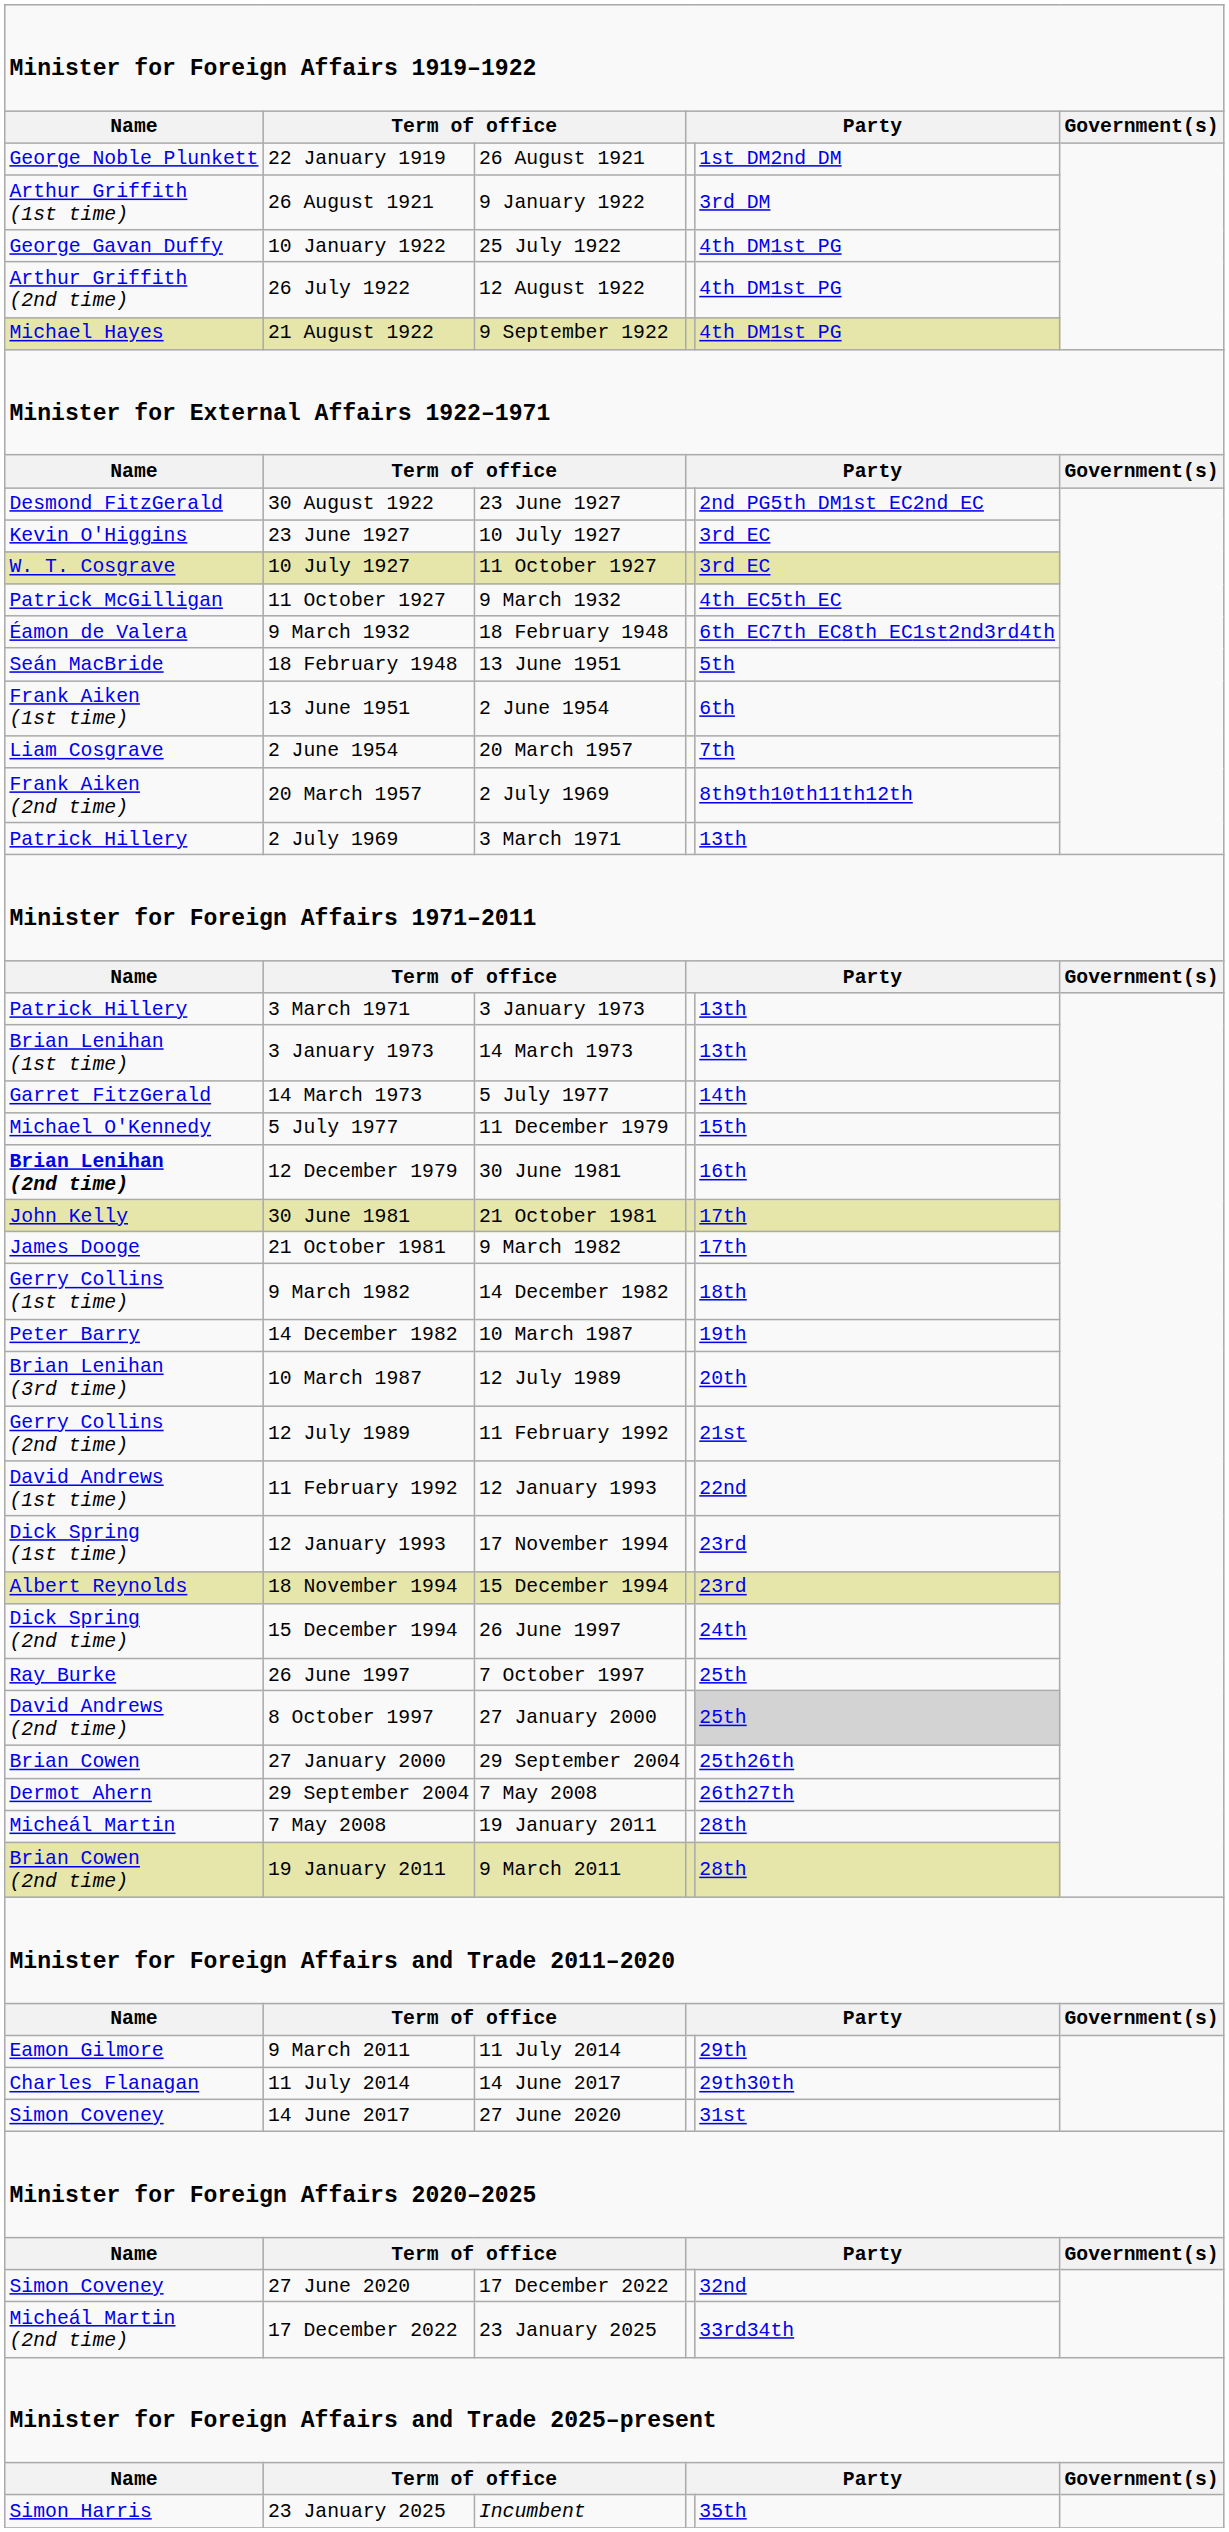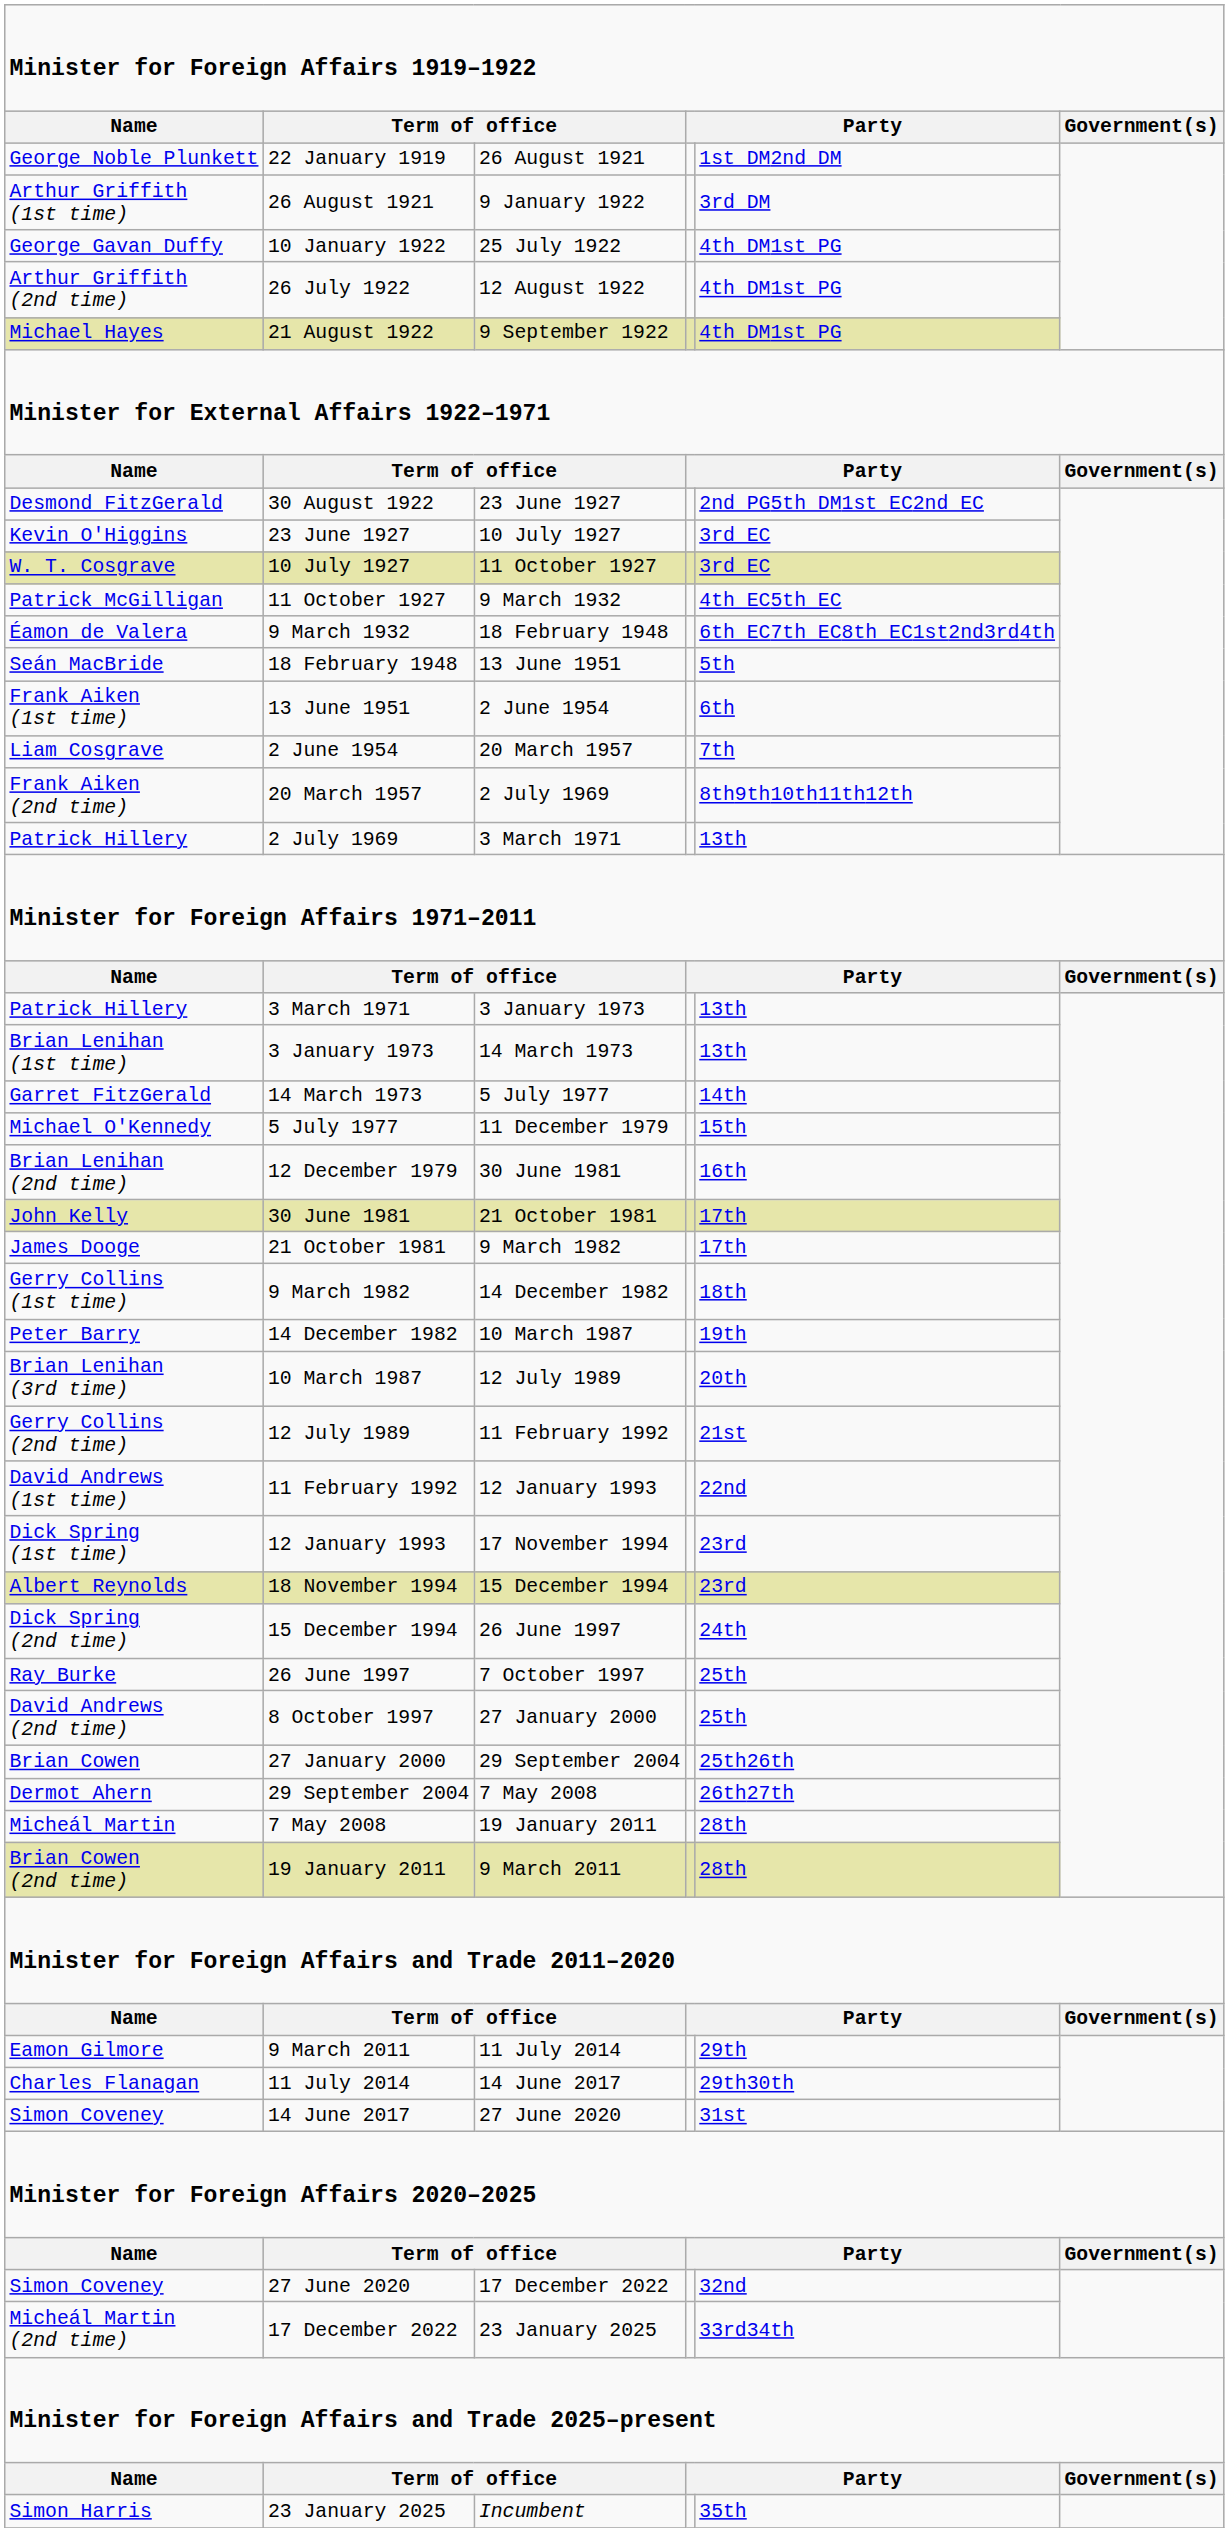 <table class ="wikitable">
 <tr>
 <td colspan="8"><br><h3>Minister for Foreign Affairs 1919–1922</h3></td>
 </tr>
 <tr>
 <th>Name</th>
 <th colspan="2">Term of office</th>
 <th colspan="2">Party</th>
 <th>Government(s)</th>
 </tr>
 <tr>
 <td><a href='#'>George Noble Plunkett</a></td>
 <td>22 January 1919</td>
 <td>26 August 1921</td>
 <td></td>
 <td><a href='#'>1st DM</a><a href='#'>2nd DM</a></td>
 </tr>
 <tr>
 <td><a href='#'>Arthur Griffith</a><br><em>(1st time)</em></td>
 <td>26 August 1921</td>
 <td>9 January 1922</td>
 <td></td>
 <td><a href='#'>3rd DM</a></td>
 </tr>
 <tr>
 <td><a href='#'>George Gavan Duffy</a></td>
 <td>10 January 1922</td>
 <td>25 July 1922</td>
 <td></td>
 <td><a href='#'>4th DM</a><a href='#'>1st PG</a></td>
 </tr>
 <tr>
 <td><a href='#'>Arthur Griffith</a><br><em>(2nd time)</em></td>
 <td>26 July 1922</td>
 <td>12 August 1922</td>
 <td></td>
 <td><a href='#'>4th DM</a><a href='#'>1st PG</a></td>
 </tr>
 <tr bgcolor=#E6E6AA>
 <td><a href='#'>Michael Hayes</a> </td>
 <td>21 August 1922</td>
 <td>9 September 1922</td>
 <td></td>
 <td><a href='#'>4th DM</a><a href='#'>1st PG</a></td>
 </tr>
 <tr>
 <td colspan="8"><br><h3>Minister for External Affairs 1922–1971</h3></td>
 </tr>
 <tr>
 <th>Name</th>
 <th colspan="2">Term of office</th>
 <th colspan="2">Party</th>
 <th>Government(s)</th>
 </tr>
 <tr>
 <td><a href='#'>Desmond FitzGerald</a></td>
 <td>30 August 1922</td>
 <td>23 June 1927</td>
 <td></td>
 <td><a href='#'>2nd PG</a><a href='#'>5th DM</a><a href='#'>1st EC</a><a href='#'>2nd EC</a></td>
 </tr>
 <tr>
 <td><a href='#'>Kevin O'Higgins</a></td>
 <td>23 June 1927</td>
 <td>10 July 1927</td>
 <td></td>
 <td><a href='#'>3rd EC</a></td>
 </tr>
 <tr bgcolor=#E6E6AA>
 <td><a href='#'>W. T. Cosgrave</a> </td>
 <td>10 July 1927</td>
 <td>11 October 1927</td>
 <td></td>
 <td><a href='#'>3rd EC</a></td>
 </tr>
 <tr>
 <td><a href='#'>Patrick McGilligan</a></td>
 <td>11 October 1927</td>
 <td>9 March 1932</td>
 <td></td>
 <td><a href='#'>4th EC</a><a href='#'>5th EC</a></td>
 </tr>
 <tr>
 <td><a href='#'>Éamon de Valera</a></td>
 <td>9 March 1932</td>
 <td>18 February 1948</td>
 <td></td>
 <td><a href='#'>6th EC</a><a href='#'>7th EC</a><a href='#'>8th EC</a><a href='#'>1st</a><a href='#'>2nd</a><a href='#'>3rd</a><a href='#'>4th</a></td>
 </tr>
 <tr>
 <td><a href='#'>Seán MacBride</a></td>
 <td>18 February 1948</td>
 <td>13 June 1951</td>
 <td></td>
 <td><a href='#'>5th</a></td>
 </tr>
 <tr>
 <td><a href='#'>Frank Aiken</a><br><em>(1st time)</em></td>
 <td>13 June 1951</td>
 <td>2 June 1954</td>
 <td></td>
 <td><a href='#'>6th</a></td>
 </tr>
 <tr>
 <td><a href='#'>Liam Cosgrave</a></td>
 <td>2 June 1954</td>
 <td>20 March 1957</td>
 <td></td>
 <td><a href='#'>7th</a></td>
 </tr>
 <tr>
 <td><a href='#'>Frank Aiken</a><br><em>(2nd time)</em></td>
 <td>20 March 1957</td>
 <td>2 July 1969</td>
 <td></td>
 <td><a href='#'>8th</a><a href='#'>9th</a><a href='#'>10th</a><a href='#'>11th</a><a href='#'>12th</a></td>
 </tr>
 <tr>
 <td><a href='#'>Patrick Hillery</a></td>
 <td>2 July 1969</td>
 <td>3 March 1971</td>
 <td></td>
 <td><a href='#'>13th</a></td>
 </tr>
 <tr>
 <td colspan="8"><br><h3>Minister for Foreign Affairs 1971–2011</h3></td>
 </tr>
 <tr>
 <th>Name</th>
 <th colspan="2">Term of office</th>
 <th colspan="2">Party</th>
 <th>Government(s)</th>
 </tr>
 <tr>
 <td><a href='#'>Patrick Hillery</a></td>
 <td>3 March 1971</td>
 <td>3 January 1973</td>
 <td></td>
 <td><a href='#'>13th</a></td>
 </tr>
 <tr>
 <td><a href='#'>Brian Lenihan</a><br><em>(1st time)</em></td>
 <td>3 January 1973</td>
 <td>14 March 1973</td>
 <td></td>
 <td><a href='#'>13th</a></td>
 </tr>
 <tr>
 <td><a href='#'>Garret FitzGerald</a></td>
 <td>14 March 1973</td>
 <td>5 July 1977</td>
 <td></td>
 <td><a href='#'>14th</a></td>
 </tr>
 <tr>
 <td><a href='#'>Michael O'Kennedy</a></td>
 <td>5 July 1977</td>
 <td>11 December 1979</td>
 <td></td>
 <td><a href='#'>15th</a></td>
 </tr>
 <tr>
-<td><strong><a href='#'>Brian Lenihan</a><br><em>(2nd time)</em></strong></td>
+<td><a href='#'>Brian Lenihan</a><br><em>(2nd time)</em></td>
 <td>12 December 1979</td>
 <td>30 June 1981</td>
 <td></td>
 <td><a href='#'>16th</a></td>
 </tr>
 <tr bgcolor=#E6E6AA>
 <td><a href='#'>John Kelly</a>  </td>
 <td>30 June 1981</td>
 <td>21 October 1981</td>
 <td></td>
 <td><a href='#'>17th</a></td>
 </tr>
 <tr>
 <td><a href='#'>James Dooge</a></td>
 <td>21 October 1981</td>
 <td>9 March 1982</td>
 <td></td>
 <td><a href='#'>17th</a></td>
 </tr>
 <tr>
 <td><a href='#'>Gerry Collins</a><br><em>(1st time)</em></td>
 <td>9 March 1982</td>
 <td>14 December 1982</td>
 <td></td>
 <td><a href='#'>18th</a></td>
 </tr>
 <tr>
 <td><a href='#'>Peter Barry</a></td>
 <td>14 December 1982</td>
 <td>10 March 1987</td>
 <td></td>
 <td><a href='#'>19th</a></td>
 </tr>
 <tr>
 <td><a href='#'>Brian Lenihan</a><br><em>(3rd time)</em></td>
 <td>10 March 1987</td>
 <td>12 July 1989</td>
 <td></td>
 <td><a href='#'>20th</a></td>
 </tr>
 <tr>
 <td><a href='#'>Gerry Collins</a><br><em>(2nd time)</em></td>
 <td>12 July 1989</td>
 <td>11 February 1992</td>
 <td></td>
 <td><a href='#'>21st</a></td>
 </tr>
 <tr>
 <td><a href='#'>David Andrews</a><br><em>(1st time)</em></td>
 <td>11 February 1992</td>
 <td>12 January 1993</td>
 <td></td>
 <td><a href='#'>22nd</a></td>
 </tr>
 <tr>
 <td><a href='#'>Dick Spring</a><br><em>(1st time)</em></td>
 <td>12 January 1993</td>
 <td>17 November 1994</td>
 <td></td>
 <td><a href='#'>23rd</a></td>
 </tr>
 <tr bgcolor=#E6E6AA>
 <td><a href='#'>Albert Reynolds</a> </td>
 <td>18 November 1994</td>
 <td>15 December 1994</td>
 <td></td>
 <td><a href='#'>23rd</a></td>
 </tr>
 <tr>
 <td><a href='#'>Dick Spring</a><br><em>(2nd time)</em></td>
 <td>15 December 1994</td>
 <td>26 June 1997</td>
 <td></td>
 <td><a href='#'>24th</a></td>
 </tr>
 <tr>
 <td><a href='#'>Ray Burke</a></td>
 <td>26 June 1997</td>
 <td>7 October 1997</td>
 <td></td>
 <td><a href='#'>25th</a></td>
 </tr>
 <tr>
 <td><a href='#'>David Andrews</a><br><em>(2nd time)</em></td>
 <td>8 October 1997</td>
 <td>27 January 2000</td>
 <td></td>
-<td style="background: lightgrey;"><a href='#'>25th</a></td>
+<td><a href='#'>25th</a></td>
 </tr>
 <tr>
 <td><a href='#'>Brian Cowen</a></td>
 <td>27 January 2000</td>
 <td>29 September 2004</td>
 <td></td>
 <td><a href='#'>25th</a><a href='#'>26th</a></td>
 </tr>
 <tr>
 <td><a href='#'>Dermot Ahern</a></td>
 <td>29 September 2004</td>
 <td>7 May 2008</td>
 <td></td>
 <td><a href='#'>26th</a><a href='#'>27th</a></td>
 </tr>
 <tr>
 <td><a href='#'>Micheál Martin</a></td>
 <td>7 May 2008</td>
 <td>19 January 2011</td>
 <td></td>
 <td><a href='#'>28th</a></td>
 </tr>
 <tr bgcolor=#E6E6AA>
 <td><a href='#'>Brian Cowen</a><br><em>(2nd time)</em></td>
 <td>19 January 2011</td>
 <td>9 March 2011</td>
 <td></td>
 <td><a href='#'>28th</a></td>
 </tr>
 <tr>
 <td colspan="8"><br><h3>Minister for Foreign Affairs and Trade 2011–2020</h3></td>
 </tr>
 <tr>
 <th>Name</th>
 <th colspan="2">Term of office</th>
 <th colspan="2">Party</th>
 <th>Government(s)</th>
 </tr>
 <tr>
 <td><a href='#'>Eamon Gilmore</a></td>
 <td>9 March 2011</td>
 <td>11 July 2014</td>
 <td></td>
 <td><a href='#'>29th</a></td>
 </tr>
 <tr>
 <td><a href='#'>Charles Flanagan</a></td>
 <td>11 July 2014</td>
 <td>14 June 2017</td>
 <td></td>
 <td><a href='#'>29th</a><a href='#'>30th</a></td>
 </tr>
 <tr>
 <td><a href='#'>Simon Coveney</a></td>
 <td>14 June 2017</td>
 <td>27 June 2020</td>
 <td></td>
 <td><a href='#'>31st</a></td>
 </tr>
 <tr>
 <td colspan="8"><br><h3>Minister for Foreign Affairs 2020–2025</h3></td>
 </tr>
 <tr>
 <th>Name</th>
 <th colspan="2">Term of office</th>
 <th colspan="2">Party</th>
 <th>Government(s)</th>
 </tr>
 <tr>
 <td><a href='#'>Simon Coveney</a></td>
 <td>27 June 2020</td>
 <td>17 December 2022</td>
 <td></td>
 <td><a href='#'>32nd</a></td>
 </tr>
 <tr>
 <td><a href='#'>Micheál Martin</a><br><em>(2nd time)</em></td>
 <td>17 December 2022</td>
 <td>23 January 2025</td>
 <td></td>
 <td><a href='#'>33rd</a><a href='#'>34th</a></td>
 </tr>
 <tr>
 <td colspan="8"><br><h3>Minister for Foreign Affairs and Trade 2025–present</h3></td>
 </tr>
 <tr>
 <th>Name</th>
 <th colspan="2">Term of office</th>
 <th colspan="2">Party</th>
 <th>Government(s)</th>
 </tr>
 <tr>
 <td><a href='#'>Simon Harris</a></td>
 <td>23 January 2025</td>
 <td><em>Incumbent</em></td>
 <td></td>
 <td><a href='#'>35th</a></td>
 </tr>
 </table>
